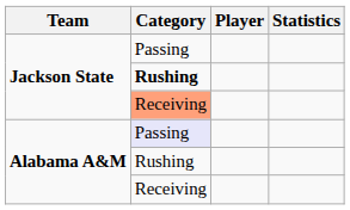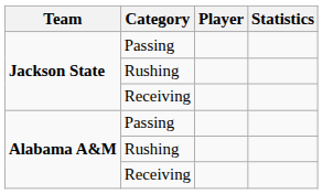 <table class="wikitable" style="float: left;">
 <tr>
 <th>Team</th>
 <th>Category</th>
 <th>Player</th>
 <th>Statistics</th>
 </tr>
 <tr>
 <td rowspan=3><strong>Jackson State</strong></td>
 <td>Passing</td>
 <td> </td>
 <td> </td>
 </tr>
 <tr>
-<td><strong>Rushing</strong></td>
+<td>Rushing</td>
 <td> </td>
 <td> </td>
 </tr>
 <tr>
-<td style="background: lightsalmon;">Receiving</td>
+<td>Receiving</td>
 <td> </td>
 <td> </td>
 </tr>
 <tr>
 <td rowspan=3><strong>Alabama A&M</strong></td>
-<td style="background: lavender;">Passing</td>
+<td>Passing</td>
 <td> </td>
 <td> </td>
 </tr>
 <tr>
 <td>Rushing</td>
 <td> </td>
 <td> </td>
 </tr>
 <tr>
 <td>Receiving</td>
 <td> </td>
 <td> </td>
 </tr>
 </table>
